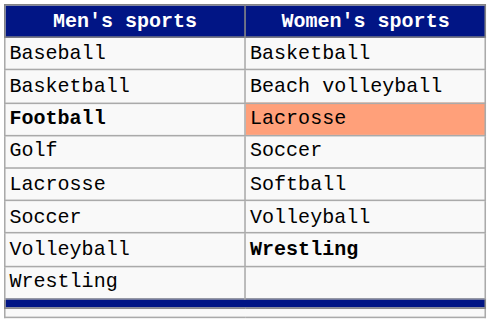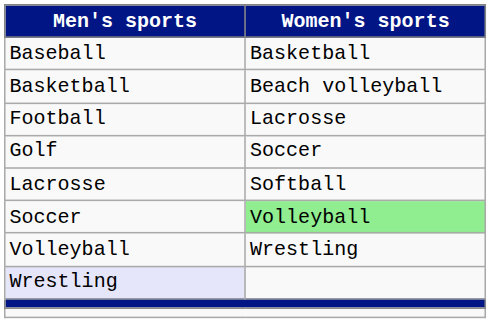 <table class="wikitable" style="text-align: ">
 <tr>
 <th width=150px style="background:#011585; color:#ffffff; border:1px solid #848484">Men's sports</th>
 <th width=150px style="background:#011585; color:#ffffff; border:1px solid #848484">Women's sports</th>
 </tr>
 <tr>
 <td>Baseball</td>
 <td>Basketball</td>
 </tr>
 <tr>
 <td>Basketball</td>
 <td>Beach volleyball</td>
 </tr>
 <tr>
-<td><strong>Football</strong></td>
-<td style="background: lightsalmon;">Lacrosse</td>
+<td>Football</td>
+<td>Lacrosse</td>
 </tr>
 <tr>
 <td>Golf</td>
 <td>Soccer</td>
 </tr>
 <tr>
 <td>Lacrosse</td>
 <td>Softball</td>
 </tr>
 <tr>
 <td>Soccer</td>
-<td>Volleyball</td>
+<td style="background: lightgreen;">Volleyball</td>
 </tr>
 <tr>
 <td>Volleyball</td>
-<td><strong>Wrestling</strong></td>
+<td>Wrestling</td>
 </tr>
 <tr>
-<td>Wrestling</td>
+<td style="background: lavender;">Wrestling</td>
 <td></td>
 </tr>
 <tr>
 <th colspan=2 style="background:#011585; color:#ffffff; border:1px solid #848484"></th>
 </tr>
 <tr>
 <td colspan=2></td>
 </tr>
 </table>
